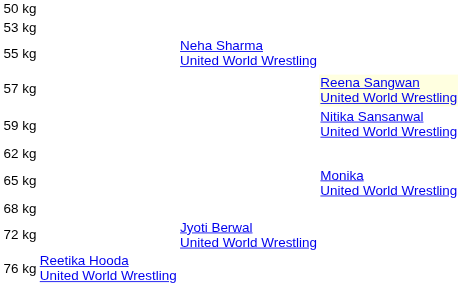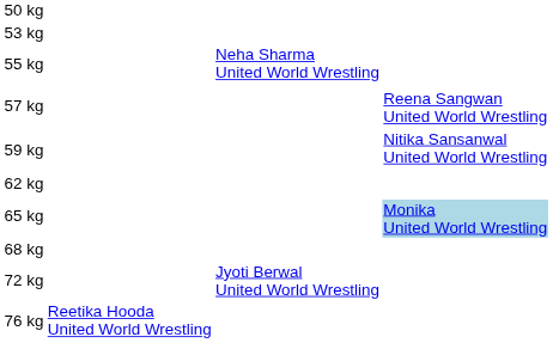 <table>
 <tr>
 <td rowspan=2>50 kg<br></td>
 <td rowspan=2></td>
 <td rowspan=2></td>
 <td></td>
 </tr>
 <tr>
 <td></td>
 </tr>
 <tr>
 <td rowspan=2>53 kg<br></td>
 <td rowspan=2></td>
 <td rowspan=2></td>
 <td></td>
 </tr>
 <tr>
 <td></td>
 </tr>
 <tr>
 <td rowspan=2>55 kg<br></td>
 <td rowspan=2></td>
 <td rowspan=2><a href='#'>Neha Sharma</a><br><a href='#'>United World Wrestling</a></td>
 <td></td>
 </tr>
 <tr>
 <td></td>
 </tr>
 <tr>
 <td rowspan=2>57 kg<br></td>
 <td rowspan=2></td>
 <td rowspan=2></td>
 <td></td>
 </tr>
 <tr>
-<td style="background: lightyellow;"><a href='#'>Reena Sangwan</a><br><a href='#'>United World Wrestling</a></td>
+<td><a href='#'>Reena Sangwan</a><br><a href='#'>United World Wrestling</a></td>
 </tr>
 <tr>
 <td rowspan=2>59 kg<br></td>
 <td rowspan=2></td>
 <td rowspan=2></td>
 <td><a href='#'>Nitika Sansanwal</a><br><a href='#'>United World Wrestling</a></td>
 </tr>
 <tr>
 <td></td>
 </tr>
 <tr>
 <td rowspan=2>62 kg<br></td>
 <td rowspan=2></td>
 <td rowspan=2></td>
 <td></td>
 </tr>
 <tr>
 <td></td>
 </tr>
 <tr>
 <td rowspan=2>65 kg<br></td>
 <td rowspan=2></td>
 <td rowspan=2></td>
 <td></td>
 </tr>
 <tr>
-<td><a href='#'>Monika</a><br><a href='#'>United World Wrestling</a></td>
+<td style="background: lightblue;"><a href='#'>Monika</a><br><a href='#'>United World Wrestling</a></td>
 </tr>
 <tr>
 <td rowspan=2>68 kg<br></td>
 <td rowspan=2></td>
 <td rowspan=2></td>
 <td></td>
 </tr>
 <tr>
 <td></td>
 </tr>
 <tr>
 <td rowspan=2>72 kg<br></td>
 <td rowspan=2></td>
 <td rowspan=2><a href='#'>Jyoti Berwal</a><br><a href='#'>United World Wrestling</a></td>
 <td></td>
 </tr>
 <tr>
 <td></td>
 </tr>
 <tr>
 <td rowspan=2>76 kg<br></td>
 <td rowspan=2><a href='#'>Reetika Hooda</a><br><a href='#'>United World Wrestling</a></td>
 <td rowspan=2></td>
 <td></td>
 </tr>
 <tr>
 <td></td>
 </tr>
 </table>
